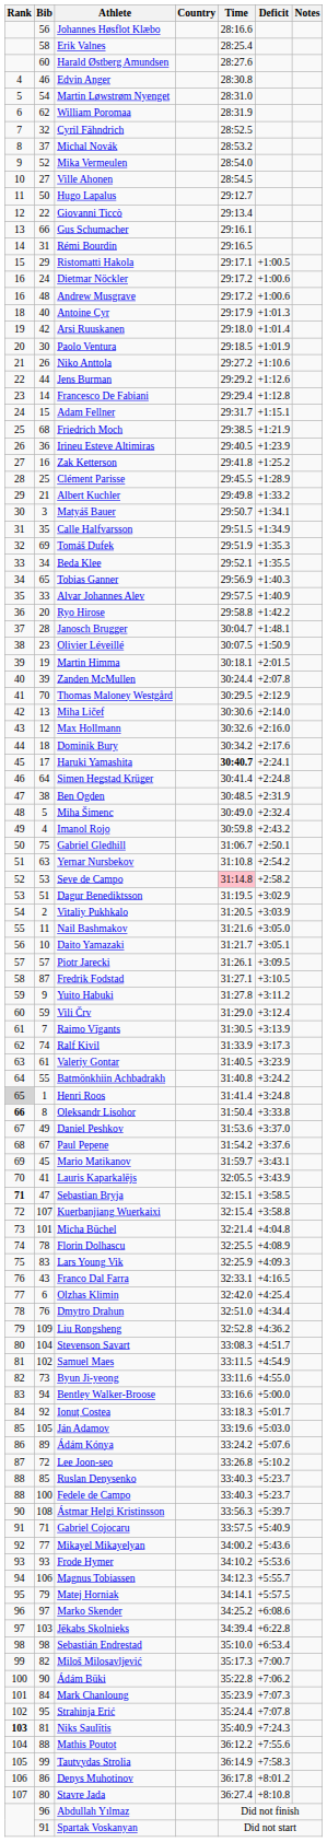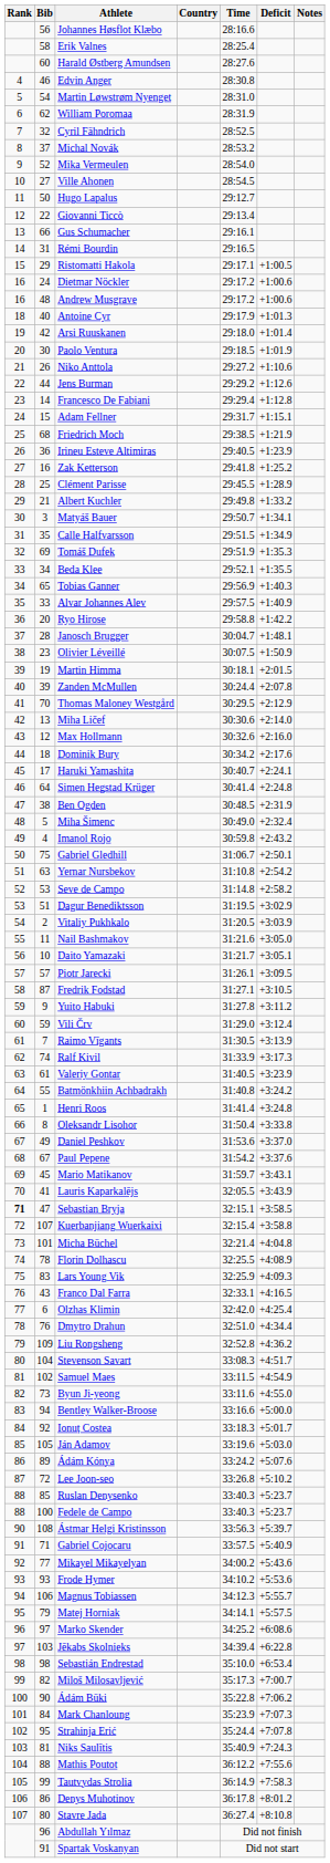 <table class="wikitable sortable" style="text-align:center">
 <tr>
 <th>Rank</th>
 <th>Bib</th>
 <th>Athlete</th>
 <th>Country</th>
 <th>Time</th>
 <th>Deficit</th>
 <th>Notes</th>
 </tr>
 <tr>
 <td></td>
 <td>56</td>
 <td align=left><a href='#'>Johannes Høsflot Klæbo</a></td>
 <td align=left></td>
 <td>28:16.6</td>
 <td></td>
 <td></td>
 </tr>
 <tr>
 <td></td>
 <td>58</td>
 <td align=left><a href='#'>Erik Valnes</a></td>
 <td align=left></td>
 <td>28:25.4</td>
 <td></td>
 <td></td>
 </tr>
 <tr>
 <td></td>
 <td>60</td>
 <td align=left><a href='#'>Harald Østberg Amundsen</a></td>
 <td align=left></td>
 <td>28:27.6</td>
 <td></td>
 <td></td>
 </tr>
 <tr>
 <td>4</td>
 <td>46</td>
 <td align=left><a href='#'>Edvin Anger</a></td>
 <td align=left></td>
 <td>28:30.8</td>
 <td></td>
 <td></td>
 </tr>
 <tr>
 <td>5</td>
 <td>54</td>
 <td align=left><a href='#'>Martin Løwstrøm Nyenget</a></td>
 <td align=left></td>
 <td>28:31.0</td>
 <td></td>
 <td></td>
 </tr>
 <tr>
 <td>6</td>
 <td>62</td>
 <td align=left><a href='#'>William Poromaa</a></td>
 <td align=left></td>
 <td>28:31.9</td>
 <td></td>
 <td></td>
 </tr>
 <tr>
 <td>7</td>
 <td>32</td>
 <td align=left><a href='#'>Cyril Fähndrich</a></td>
 <td align=left></td>
 <td>28:52.5</td>
 <td></td>
 <td></td>
 </tr>
 <tr>
 <td>8</td>
 <td>37</td>
 <td align=left><a href='#'>Michal Novák</a></td>
 <td align=left></td>
 <td>28:53.2</td>
 <td></td>
 <td></td>
 </tr>
 <tr>
 <td>9</td>
 <td>52</td>
 <td align=left><a href='#'>Mika Vermeulen</a></td>
 <td align=left></td>
 <td>28:54.0</td>
 <td></td>
 <td></td>
 </tr>
 <tr>
 <td>10</td>
 <td>27</td>
 <td align=left><a href='#'>Ville Ahonen</a></td>
 <td align=left></td>
 <td>28:54.5</td>
 <td></td>
 <td></td>
 </tr>
 <tr>
 <td>11</td>
 <td>50</td>
 <td align=left><a href='#'>Hugo Lapalus</a></td>
 <td align=left></td>
 <td>29:12.7</td>
 <td></td>
 <td></td>
 </tr>
 <tr>
 <td>12</td>
 <td>22</td>
 <td align=left><a href='#'>Giovanni Ticcò</a></td>
 <td align=left></td>
 <td>29:13.4</td>
 <td></td>
 <td></td>
 </tr>
 <tr>
 <td>13</td>
 <td>66</td>
 <td align=left><a href='#'>Gus Schumacher</a></td>
 <td align=left></td>
 <td>29:16.1</td>
 <td></td>
 <td></td>
 </tr>
 <tr>
 <td>14</td>
 <td>31</td>
 <td align=left><a href='#'>Rémi Bourdin</a></td>
 <td align=left></td>
 <td>29:16.5</td>
 <td></td>
 <td></td>
 </tr>
 <tr>
 <td>15</td>
 <td>29</td>
 <td align=left><a href='#'>Ristomatti Hakola</a></td>
 <td align=left></td>
 <td>29:17.1</td>
 <td>+1:00.5</td>
 <td></td>
 </tr>
 <tr>
 <td>16</td>
 <td>24</td>
 <td align=left><a href='#'>Dietmar Nöckler</a></td>
 <td align=left></td>
 <td>29:17.2</td>
 <td>+1:00.6</td>
 <td></td>
 </tr>
 <tr>
 <td>16</td>
 <td>48</td>
 <td align=left><a href='#'>Andrew Musgrave</a></td>
 <td align=left></td>
 <td>29:17.2</td>
 <td>+1:00.6</td>
 <td></td>
 </tr>
 <tr>
 <td>18</td>
 <td>40</td>
 <td align=left><a href='#'>Antoine Cyr</a></td>
 <td align=left></td>
 <td>29:17.9</td>
 <td>+1:01.3</td>
 <td></td>
 </tr>
 <tr>
 <td>19</td>
 <td>42</td>
 <td align=left><a href='#'>Arsi Ruuskanen</a></td>
 <td align=left></td>
 <td>29:18.0</td>
 <td>+1:01.4</td>
 <td></td>
 </tr>
 <tr>
 <td>20</td>
 <td>30</td>
 <td align=left><a href='#'>Paolo Ventura</a></td>
 <td align=left></td>
 <td>29:18.5</td>
 <td>+1:01.9</td>
 <td></td>
 </tr>
 <tr>
 <td>21</td>
 <td>26</td>
 <td align=left><a href='#'>Niko Anttola</a></td>
 <td align=left></td>
 <td>29:27.2</td>
 <td>+1:10.6</td>
 <td></td>
 </tr>
 <tr>
 <td>22</td>
 <td>44</td>
 <td align=left><a href='#'>Jens Burman</a></td>
 <td align=left></td>
 <td>29:29.2</td>
 <td>+1:12.6</td>
 <td></td>
 </tr>
 <tr>
 <td>23</td>
 <td>14</td>
 <td align=left><a href='#'>Francesco De Fabiani</a></td>
 <td align=left></td>
 <td>29:29.4</td>
 <td>+1:12.8</td>
 <td></td>
 </tr>
 <tr>
 <td>24</td>
 <td>15</td>
 <td align=left><a href='#'>Adam Fellner</a></td>
 <td align=left></td>
 <td>29:31.7</td>
 <td>+1:15.1</td>
 <td></td>
 </tr>
 <tr>
 <td>25</td>
 <td>68</td>
 <td align=left><a href='#'>Friedrich Moch</a></td>
 <td align=left></td>
 <td>29:38.5</td>
 <td>+1:21.9</td>
 <td></td>
 </tr>
 <tr>
 <td>26</td>
 <td>36</td>
 <td align=left><a href='#'>Irineu Esteve Altimiras</a></td>
 <td align=left></td>
 <td>29:40.5</td>
 <td>+1:23.9</td>
 <td></td>
 </tr>
 <tr>
 <td>27</td>
 <td>16</td>
 <td align=left><a href='#'>Zak Ketterson</a></td>
 <td align=left></td>
 <td>29:41.8</td>
 <td>+1:25.2</td>
 <td></td>
 </tr>
 <tr>
 <td>28</td>
 <td>25</td>
 <td align=left><a href='#'>Clément Parisse</a></td>
 <td align=left></td>
 <td>29:45.5</td>
 <td>+1:28.9</td>
 <td></td>
 </tr>
 <tr>
 <td>29</td>
 <td>21</td>
 <td align=left><a href='#'>Albert Kuchler</a></td>
 <td align=left></td>
 <td>29:49.8</td>
 <td>+1:33.2</td>
 <td></td>
 </tr>
 <tr>
 <td>30</td>
 <td>3</td>
 <td align=left><a href='#'>Matyáš Bauer</a></td>
 <td align=left></td>
 <td>29:50.7</td>
 <td>+1:34.1</td>
 <td></td>
 </tr>
 <tr>
 <td>31</td>
 <td>35</td>
 <td align=left><a href='#'>Calle Halfvarsson</a></td>
 <td align=left></td>
 <td>29:51.5</td>
 <td>+1:34.9</td>
 <td></td>
 </tr>
 <tr>
 <td>32</td>
 <td>69</td>
 <td align=left><a href='#'>Tomáš Dufek</a></td>
 <td align=left></td>
 <td>29:51.9</td>
 <td>+1:35.3</td>
 <td></td>
 </tr>
 <tr>
 <td>33</td>
 <td>34</td>
 <td align=left><a href='#'>Beda Klee</a></td>
 <td align=left></td>
 <td>29:52.1</td>
 <td>+1:35.5</td>
 <td></td>
 </tr>
 <tr>
 <td>34</td>
 <td>65</td>
 <td align=left><a href='#'>Tobias Ganner</a></td>
 <td align=left></td>
 <td>29:56.9</td>
 <td>+1:40.3</td>
 <td></td>
 </tr>
 <tr>
 <td>35</td>
 <td>33</td>
 <td align=left><a href='#'>Alvar Johannes Alev</a></td>
 <td align=left></td>
 <td>29:57.5</td>
 <td>+1:40.9</td>
 <td></td>
 </tr>
 <tr>
 <td>36</td>
 <td>20</td>
 <td align=left><a href='#'>Ryo Hirose</a></td>
 <td align=left></td>
 <td>29:58.8</td>
 <td>+1:42.2</td>
 <td></td>
 </tr>
 <tr>
 <td>37</td>
 <td>28</td>
 <td align=left><a href='#'>Janosch Brugger</a></td>
 <td align=left></td>
 <td>30:04.7</td>
 <td>+1:48.1</td>
 <td></td>
 </tr>
 <tr>
 <td>38</td>
 <td>23</td>
 <td align=left><a href='#'>Olivier Léveillé</a></td>
 <td align=left></td>
 <td>30:07.5</td>
 <td>+1:50.9</td>
 <td></td>
 </tr>
 <tr>
 <td>39</td>
 <td>19</td>
 <td align=left><a href='#'>Martin Himma</a></td>
 <td align=left></td>
 <td>30:18.1</td>
 <td>+2:01.5</td>
 <td></td>
 </tr>
 <tr>
 <td>40</td>
 <td>39</td>
 <td align=left><a href='#'>Zanden McMullen</a></td>
 <td align=left></td>
 <td>30:24.4</td>
 <td>+2:07.8</td>
 <td></td>
 </tr>
 <tr>
 <td>41</td>
 <td>70</td>
 <td align=left><a href='#'>Thomas Maloney Westgård</a></td>
 <td align=left></td>
 <td>30:29.5</td>
 <td>+2:12.9</td>
 <td></td>
 </tr>
 <tr>
 <td>42</td>
 <td>13</td>
 <td align=left><a href='#'>Miha Ličef</a></td>
 <td align=left></td>
 <td>30:30.6</td>
 <td>+2:14.0</td>
 <td></td>
 </tr>
 <tr>
 <td>43</td>
 <td>12</td>
 <td align=left><a href='#'>Max Hollmann</a></td>
 <td align=left></td>
 <td>30:32.6</td>
 <td>+2:16.0</td>
 <td></td>
 </tr>
 <tr>
 <td>44</td>
 <td>18</td>
 <td align=left><a href='#'>Dominik Bury</a></td>
 <td align=left></td>
 <td>30:34.2</td>
 <td>+2:17.6</td>
 <td></td>
 </tr>
 <tr>
 <td>45</td>
 <td>17</td>
 <td align=left><a href='#'>Haruki Yamashita</a></td>
 <td align=left></td>
-<td><strong>30:40.7</strong></td>
+<td>30:40.7</td>
 <td>+2:24.1</td>
 <td></td>
 </tr>
 <tr>
 <td>46</td>
 <td>64</td>
 <td align=left><a href='#'>Simen Hegstad Krüger</a></td>
 <td align=left></td>
 <td>30:41.4</td>
 <td>+2:24.8</td>
 <td></td>
 </tr>
 <tr>
 <td>47</td>
 <td>38</td>
 <td align=left><a href='#'>Ben Ogden</a></td>
 <td align=left></td>
 <td>30:48.5</td>
 <td>+2:31.9</td>
 <td></td>
 </tr>
 <tr>
 <td>48</td>
 <td>5</td>
 <td align=left><a href='#'>Miha Šimenc</a></td>
 <td align=left></td>
 <td>30:49.0</td>
 <td>+2:32.4</td>
 <td></td>
 </tr>
 <tr>
 <td>49</td>
 <td>4</td>
 <td align=left><a href='#'>Imanol Rojo</a></td>
 <td align=left></td>
 <td>30:59.8</td>
 <td>+2:43.2</td>
 <td></td>
 </tr>
 <tr>
 <td>50</td>
 <td>75</td>
 <td align=left><a href='#'>Gabriel Gledhill</a></td>
 <td align=left></td>
 <td>31:06.7</td>
 <td>+2:50.1</td>
 <td></td>
 </tr>
 <tr>
 <td>51</td>
 <td>63</td>
 <td align=left><a href='#'>Yernar Nursbekov</a></td>
 <td align=left></td>
 <td>31:10.8</td>
 <td>+2:54.2</td>
 <td></td>
 </tr>
 <tr>
 <td>52</td>
 <td>53</td>
 <td align=left><a href='#'>Seve de Campo</a></td>
 <td align=left></td>
-<td style="background: pink;">31:14.8</td>
+<td>31:14.8</td>
 <td>+2:58.2</td>
 <td></td>
 </tr>
 <tr>
 <td>53</td>
 <td>51</td>
 <td align=left><a href='#'>Dagur Benediktsson</a></td>
 <td align=left></td>
 <td>31:19.5</td>
 <td>+3:02.9</td>
 <td></td>
 </tr>
 <tr>
 <td>54</td>
 <td>2</td>
 <td align=left><a href='#'>Vitaliy Pukhkalo</a></td>
 <td align=left></td>
 <td>31:20.5</td>
 <td>+3:03.9</td>
 <td></td>
 </tr>
 <tr>
 <td>55</td>
 <td>11</td>
 <td align=left><a href='#'>Nail Bashmakov</a></td>
 <td align=left></td>
 <td>31:21.6</td>
 <td>+3:05.0</td>
 <td></td>
 </tr>
 <tr>
 <td>56</td>
 <td>10</td>
 <td align=left><a href='#'>Daito Yamazaki</a></td>
 <td align=left></td>
 <td>31:21.7</td>
 <td>+3:05.1</td>
 <td></td>
 </tr>
 <tr>
 <td>57</td>
 <td>57</td>
 <td align=left><a href='#'>Piotr Jarecki</a></td>
 <td align=left></td>
 <td>31:26.1</td>
 <td>+3:09.5</td>
 <td></td>
 </tr>
 <tr>
 <td>58</td>
 <td>87</td>
 <td align=left><a href='#'>Fredrik Fodstad</a></td>
 <td align=left></td>
 <td>31:27.1</td>
 <td>+3:10.5</td>
 <td></td>
 </tr>
 <tr>
 <td>59</td>
 <td>9</td>
 <td align=left><a href='#'>Yuito Habuki</a></td>
 <td align=left></td>
 <td>31:27.8</td>
 <td>+3:11.2</td>
 <td></td>
 </tr>
 <tr>
 <td>60</td>
 <td>59</td>
 <td align=left><a href='#'>Vili Črv</a></td>
 <td align=left></td>
 <td>31:29.0</td>
 <td>+3:12.4</td>
 <td></td>
 </tr>
 <tr>
 <td>61</td>
 <td>7</td>
 <td align=left><a href='#'>Raimo Vīgants</a></td>
 <td align=left></td>
 <td>31:30.5</td>
 <td>+3:13.9</td>
 <td></td>
 </tr>
 <tr>
 <td>62</td>
 <td>74</td>
 <td align=left><a href='#'>Ralf Kivil</a></td>
 <td align=left></td>
 <td>31:33.9</td>
 <td>+3:17.3</td>
 <td></td>
 </tr>
 <tr>
 <td>63</td>
 <td>61</td>
 <td align=left><a href='#'>Valeriy Gontar</a></td>
 <td align=left></td>
 <td>31:40.5</td>
 <td>+3:23.9</td>
 <td></td>
 </tr>
 <tr>
 <td>64</td>
 <td>55</td>
 <td align=left><a href='#'>Batmönkhiin Achbadrakh</a></td>
 <td align=left></td>
 <td>31:40.8</td>
 <td>+3:24.2</td>
 <td></td>
 </tr>
 <tr>
-<td style="background: lightgrey;">65</td>
+<td>65</td>
 <td>1</td>
 <td align=left><a href='#'>Henri Roos</a></td>
 <td align=left></td>
 <td>31:41.4</td>
 <td>+3:24.8</td>
 <td></td>
 </tr>
 <tr>
-<td><strong>66</strong></td>
+<td>66</td>
 <td>8</td>
 <td align=left><a href='#'>Oleksandr Lisohor</a></td>
 <td align=left></td>
 <td>31:50.4</td>
 <td>+3:33.8</td>
 <td></td>
 </tr>
 <tr>
 <td>67</td>
 <td>49</td>
 <td align=left><a href='#'>Daniel Peshkov</a></td>
 <td align=left></td>
 <td>31:53.6</td>
 <td>+3:37.0</td>
 <td></td>
 </tr>
 <tr>
 <td>68</td>
 <td>67</td>
 <td align=left><a href='#'>Paul Pepene</a></td>
 <td align=left></td>
 <td>31:54.2</td>
 <td>+3:37.6</td>
 <td></td>
 </tr>
 <tr>
 <td>69</td>
 <td>45</td>
 <td align=left><a href='#'>Mario Matikanov</a></td>
 <td align=left></td>
 <td>31:59.7</td>
 <td>+3:43.1</td>
 <td></td>
 </tr>
 <tr>
 <td>70</td>
 <td>41</td>
 <td align=left><a href='#'>Lauris Kaparkalējs</a></td>
 <td align=left></td>
 <td>32:05.5</td>
 <td>+3:43.9</td>
 <td></td>
 </tr>
 <tr>
 <td><strong>71</strong></td>
 <td>47</td>
 <td align=left><a href='#'>Sebastian Bryja</a></td>
 <td align=left></td>
 <td>32:15.1</td>
 <td>+3:58.5</td>
 <td></td>
 </tr>
 <tr>
 <td>72</td>
 <td>107</td>
 <td align=left><a href='#'>Kuerbanjiang Wuerkaixi</a></td>
 <td align=left></td>
 <td>32:15.4</td>
 <td>+3:58.8</td>
 <td></td>
 </tr>
 <tr>
 <td>73</td>
 <td>101</td>
 <td align=left><a href='#'>Micha Büchel</a></td>
 <td align=left></td>
 <td>32:21.4</td>
 <td>+4:04.8</td>
 <td></td>
 </tr>
 <tr>
 <td>74</td>
 <td>78</td>
 <td align=left><a href='#'>Florin Dolhascu</a></td>
 <td align=left></td>
 <td>32:25.5</td>
 <td>+4:08.9</td>
 <td></td>
 </tr>
 <tr>
 <td>75</td>
 <td>83</td>
 <td align=left><a href='#'>Lars Young Vik</a></td>
 <td align=left></td>
 <td>32:25.9</td>
 <td>+4:09.3</td>
 <td></td>
 </tr>
 <tr>
 <td>76</td>
 <td>43</td>
 <td align=left><a href='#'>Franco Dal Farra</a></td>
 <td align=left></td>
 <td>32:33.1</td>
 <td>+4:16.5</td>
 <td></td>
 </tr>
 <tr>
 <td>77</td>
 <td>6</td>
 <td align=left><a href='#'>Olzhas Klimin</a></td>
 <td align=left></td>
 <td>32:42.0</td>
 <td>+4:25.4</td>
 <td></td>
 </tr>
 <tr>
 <td>78</td>
 <td>76</td>
 <td align=left><a href='#'>Dmytro Drahun</a></td>
 <td align=left></td>
 <td>32:51.0</td>
 <td>+4:34.4</td>
 <td></td>
 </tr>
 <tr>
 <td>79</td>
 <td>109</td>
 <td align=left><a href='#'>Liu Rongsheng</a></td>
 <td align=left></td>
 <td>32:52.8</td>
 <td>+4:36.2</td>
 <td></td>
 </tr>
 <tr>
 <td>80</td>
 <td>104</td>
 <td align=left><a href='#'>Stevenson Savart</a></td>
 <td align=left></td>
 <td>33:08.3</td>
 <td>+4:51.7</td>
 <td></td>
 </tr>
 <tr>
 <td>81</td>
 <td>102</td>
 <td align=left><a href='#'>Samuel Maes</a></td>
 <td align=left></td>
 <td>33:11.5</td>
 <td>+4:54.9</td>
 <td></td>
 </tr>
 <tr>
 <td>82</td>
 <td>73</td>
 <td align=left><a href='#'>Byun Ji-yeong</a></td>
 <td align=left></td>
 <td>33:11.6</td>
 <td>+4:55.0</td>
 <td></td>
 </tr>
 <tr>
 <td>83</td>
 <td>94</td>
 <td align=left><a href='#'>Bentley Walker-Broose</a></td>
 <td align=left></td>
 <td>33:16.6</td>
 <td>+5:00.0</td>
 <td></td>
 </tr>
 <tr>
 <td>84</td>
 <td>92</td>
 <td align=left><a href='#'>Ionuț Costea</a></td>
 <td align=left></td>
 <td>33:18.3</td>
 <td>+5:01.7</td>
 <td></td>
 </tr>
 <tr>
 <td>85</td>
 <td>105</td>
 <td align=left><a href='#'>Ján Adamov</a></td>
 <td align=left></td>
 <td>33:19.6</td>
 <td>+5:03.0</td>
 <td></td>
 </tr>
 <tr>
 <td>86</td>
 <td>89</td>
 <td align=left><a href='#'>Ádám Kónya</a></td>
 <td align=left></td>
 <td>33:24.2</td>
 <td>+5:07.6</td>
 <td></td>
 </tr>
 <tr>
 <td>87</td>
 <td>72</td>
 <td align=left><a href='#'>Lee Joon-seo</a></td>
 <td align=left></td>
 <td>33:26.8</td>
 <td>+5:10.2</td>
 <td></td>
 </tr>
 <tr>
 <td>88</td>
 <td>85</td>
 <td align=left><a href='#'>Ruslan Denysenko</a></td>
 <td align=left></td>
 <td>33:40.3</td>
 <td>+5:23.7</td>
 <td></td>
 </tr>
 <tr>
 <td>88</td>
 <td>100</td>
 <td align=left><a href='#'>Fedele de Campo</a></td>
 <td align=left></td>
 <td>33:40.3</td>
 <td>+5:23.7</td>
 <td></td>
 </tr>
 <tr>
 <td>90</td>
 <td>108</td>
 <td align=left><a href='#'>Ástmar Helgi Kristinsson</a></td>
 <td align=left></td>
 <td>33:56.3</td>
 <td>+5:39.7</td>
 <td></td>
 </tr>
 <tr>
 <td>91</td>
 <td>71</td>
 <td align=left><a href='#'>Gabriel Cojocaru</a></td>
 <td align=left></td>
 <td>33:57.5</td>
 <td>+5:40.9</td>
 <td></td>
 </tr>
 <tr>
 <td>92</td>
 <td>77</td>
 <td align=left><a href='#'>Mikayel Mikayelyan</a></td>
 <td align=left></td>
 <td>34:00.2</td>
 <td>+5:43.6</td>
 <td></td>
 </tr>
 <tr>
 <td>93</td>
 <td>93</td>
 <td align=left><a href='#'>Frode Hymer</a></td>
 <td align=left></td>
 <td>34:10.2</td>
 <td>+5:53.6</td>
 <td></td>
 </tr>
 <tr>
 <td>94</td>
 <td>106</td>
 <td align=left><a href='#'>Magnus Tobiassen</a></td>
 <td align=left></td>
 <td>34:12.3</td>
 <td>+5:55.7</td>
 <td></td>
 </tr>
 <tr>
 <td>95</td>
 <td>79</td>
 <td align=left><a href='#'>Matej Horniak</a></td>
 <td align=left></td>
 <td>34:14.1</td>
 <td>+5:57.5</td>
 <td></td>
 </tr>
 <tr>
 <td>96</td>
 <td>97</td>
 <td align=left><a href='#'>Marko Skender</a></td>
 <td align=left></td>
 <td>34:25.2</td>
 <td>+6:08.6</td>
 <td></td>
 </tr>
 <tr>
 <td>97</td>
 <td>103</td>
 <td align=left><a href='#'>Jēkabs Skolnieks</a></td>
 <td align=left></td>
 <td>34:39.4</td>
 <td>+6:22.8</td>
 <td></td>
 </tr>
 <tr>
 <td>98</td>
 <td>98</td>
 <td align=left><a href='#'>Sebastián Endrestad</a></td>
 <td align=left></td>
 <td>35:10.0</td>
 <td>+6:53.4</td>
 <td></td>
 </tr>
 <tr>
 <td>99</td>
 <td>82</td>
 <td align=left><a href='#'>Miloš Milosavljević</a></td>
 <td align=left></td>
 <td>35:17.3</td>
 <td>+7:00.7</td>
 <td></td>
 </tr>
 <tr>
 <td>100</td>
 <td>90</td>
 <td align=left><a href='#'>Ádám Büki</a></td>
 <td align=left></td>
 <td>35:22.8</td>
 <td>+7:06.2</td>
 <td></td>
 </tr>
 <tr>
 <td>101</td>
 <td>84</td>
 <td align=left><a href='#'>Mark Chanloung</a></td>
 <td align=left></td>
 <td>35:23.9</td>
 <td>+7:07.3</td>
 <td></td>
 </tr>
 <tr>
 <td>102</td>
 <td>95</td>
 <td align=left><a href='#'>Strahinja Erić</a></td>
 <td align=left></td>
 <td>35:24.4</td>
 <td>+7:07.8</td>
 <td></td>
 </tr>
 <tr>
-<td><strong>103</strong></td>
+<td>103</td>
 <td>81</td>
 <td align=left><a href='#'>Niks Saulītis</a></td>
 <td align=left></td>
 <td>35:40.9</td>
 <td>+7:24.3</td>
 <td></td>
 </tr>
 <tr>
 <td>104</td>
 <td>88</td>
 <td align=left><a href='#'>Mathis Poutot</a></td>
 <td align=left></td>
 <td>36:12.2</td>
 <td>+7:55.6</td>
 <td></td>
 </tr>
 <tr>
 <td>105</td>
 <td>99</td>
 <td align=left><a href='#'>Tautvydas Strolia</a></td>
 <td align=left></td>
 <td>36:14.9</td>
 <td>+7:58.3</td>
 <td></td>
 </tr>
 <tr>
 <td>106</td>
 <td>86</td>
 <td align=left><a href='#'>Denys Muhotinov</a></td>
 <td align=left></td>
 <td>36:17.8</td>
 <td>+8:01.2</td>
 <td></td>
 </tr>
 <tr>
 <td>107</td>
 <td>80</td>
 <td align=left><a href='#'>Stavre Jada</a></td>
 <td align=left></td>
 <td>36:27.4</td>
 <td>+8:10.8</td>
 <td></td>
 </tr>
 <tr>
 <td rowspan=2></td>
 <td>96</td>
 <td align=left><a href='#'>Abdullah Yılmaz</a></td>
 <td align=left></td>
 <td colspan=3>Did not finish</td>
 </tr>
 <tr>
 <td>91</td>
 <td align=left><a href='#'>Spartak Voskanyan</a></td>
 <td align=left></td>
 <td colspan=3>Did not start</td>
 </tr>
 </table>
